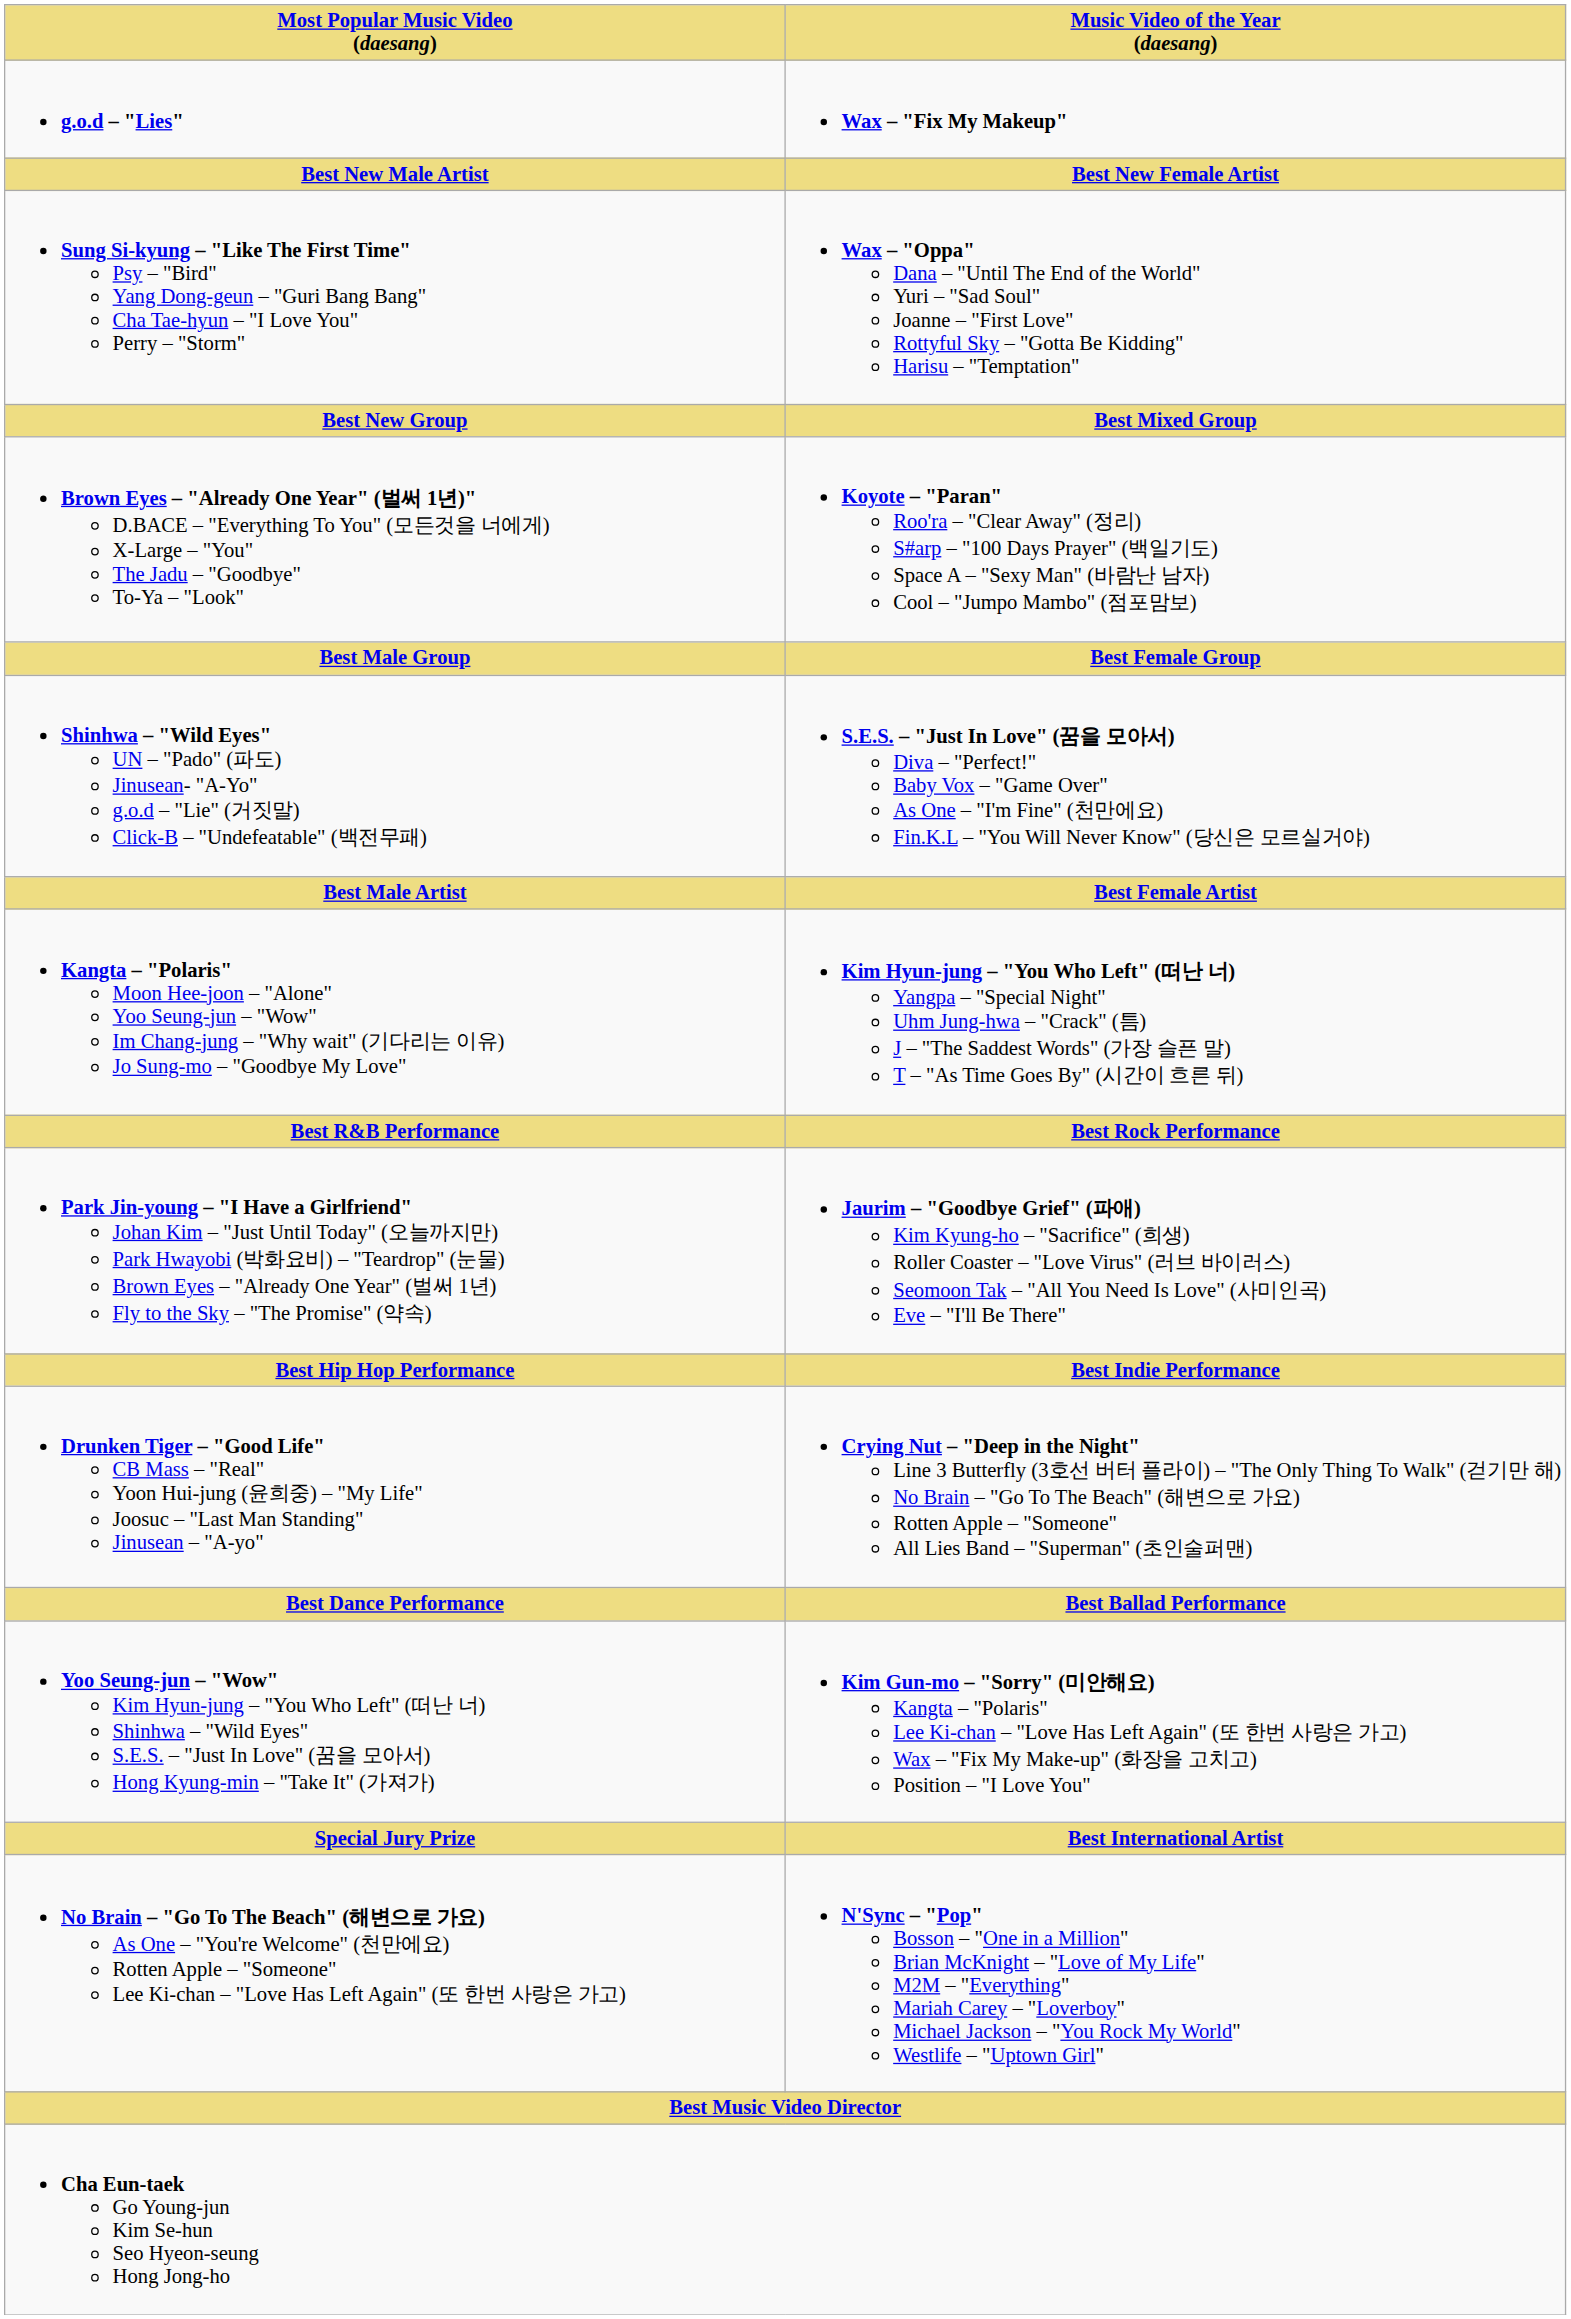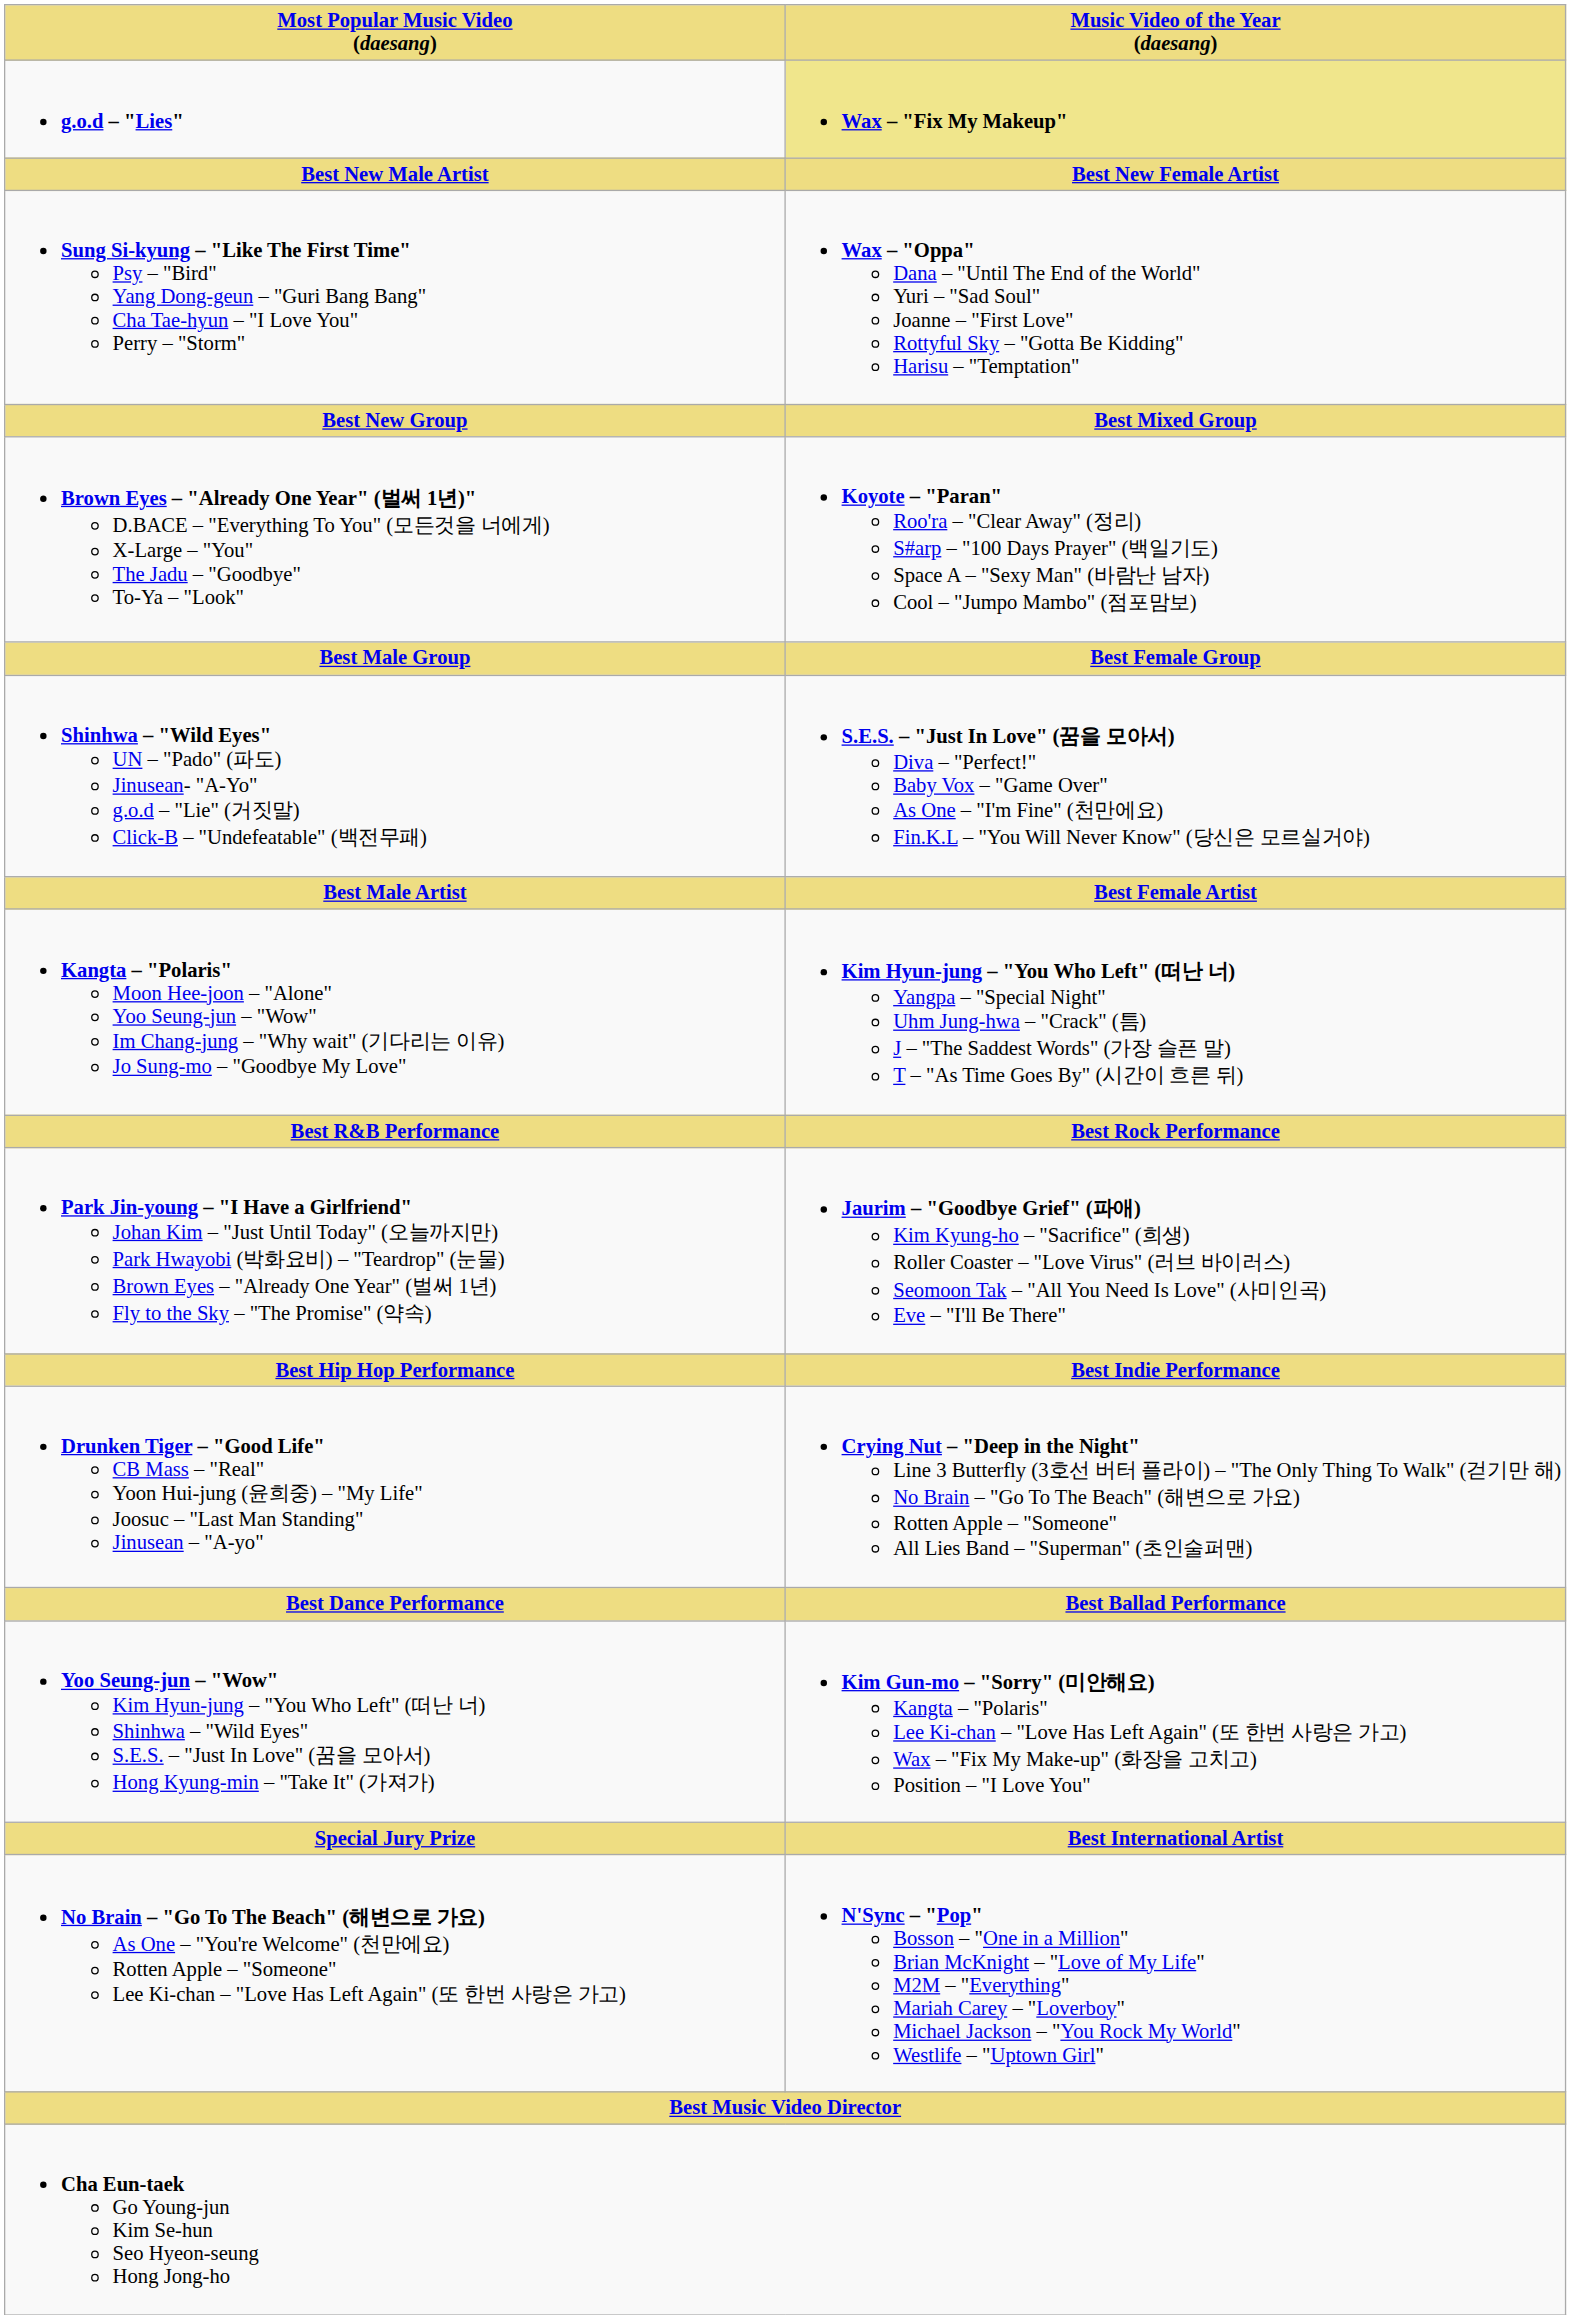 <table class="wikitable">
 <tr>
 <th style="background:#EEDD82; width:50%"><a href='#'>Most Popular Music Video</a><br>(<em>daesang</em>)</th>
 <th style="background:#EEDD82; width:50%"><a href='#'>Music Video of the Year</a><br>(<em>daesang</em>)</th>
 </tr>
 <tr>
 <td style="vertical-align:top"><br><ul><li><strong><a href='#'>g.o.d</a> – "<a href='#'>Lies</a>"</strong></li></ul></td>
-<td style="vertical-align:top"><br><ul><li><strong><a href='#'>Wax</a> – "Fix My Makeup"</strong></li></ul></td>
+<td style="background: khaki; vertical-align:top"><br><ul><li><strong><a href='#'>Wax</a> – "Fix My Makeup"</strong></li></ul></td>
 </tr>
 <tr>
 <th style="background:#EEDD82; width:50%"><a href='#'>Best New Male Artist</a></th>
 <th style="background:#EEDD82; width:50%"><a href='#'>Best New Female Artist</a></th>
 </tr>
 <tr>
 <td style="vertical-align:top"><br><ul><li><strong><a href='#'>Sung Si-kyung</a> – "Like The First Time"</strong><ul><li><a href='#'>Psy</a> – "Bird"</li><li><a href='#'>Yang Dong-geun</a> – "Guri Bang Bang"</li><li><a href='#'>Cha Tae-hyun</a> – "I Love You"</li><li>Perry – "Storm"</li></ul></li></ul></td>
 <td style="vertical-align:top"><br><ul><li><strong><a href='#'>Wax</a> – "Oppa"</strong><ul><li><a href='#'>Dana</a> – "Until The End of the World"</li><li>Yuri – "Sad Soul"</li><li>Joanne – "First Love"</li><li><a href='#'>Rottyful Sky</a> – "Gotta Be Kidding"</li><li><a href='#'>Harisu</a> – "Temptation"</li></ul></li></ul></td>
 </tr>
 <tr>
 <th style="background:#EEDD82; width:50%"><a href='#'>Best New Group</a></th>
 <th style="background:#EEDD82; width:50%"><a href='#'>Best Mixed Group</a></th>
 </tr>
 <tr>
 <td style="vertical-align:top"><br><ul><li><strong><a href='#'>Brown Eyes</a> – "Already One Year" (벌써 1년)"</strong><ul><li>D.BACE – "Everything To You" (모든것을 너에게)</li><li>X-Large – "You"</li><li><a href='#'>The Jadu</a> – "Goodbye"</li><li>To-Ya – "Look"</li></ul></li></ul></td>
 <td style="vertical-align:top"><br><ul><li><strong><a href='#'>Koyote</a> – "Paran"</strong><ul><li><a href='#'>Roo'ra</a> – "Clear Away" (정리)</li><li><a href='#'>S#arp</a> – "100 Days Prayer" (백일기도)</li><li>Space A – "Sexy Man" (바람난 남자)</li><li>Cool – "Jumpo Mambo" (점포맘보)</li></ul></li></ul></td>
 </tr>
 <tr>
 <th style="background:#EEDD82; width:50%"><a href='#'>Best Male Group</a></th>
 <th style="background:#EEDD82; width:50%"><a href='#'>Best Female Group</a></th>
 </tr>
 <tr>
 <td style="vertical-align:top"><br><ul><li><strong><a href='#'>Shinhwa</a> – "Wild Eyes"</strong><ul><li><a href='#'>UN</a> – "Pado" (파도)</li><li><a href='#'>Jinusean</a>- "A-Yo"</li><li><a href='#'>g.o.d</a> – "Lie" (거짓말)</li><li><a href='#'>Click-B</a> – "Undefeatable" (백전무패)</li></ul></li></ul></td>
 <td style="vertical-align:top"><br><ul><li><strong><a href='#'>S.E.S.</a> – "Just In Love" (꿈을 모아서)</strong><ul><li><a href='#'>Diva</a> – "Perfect!"</li><li><a href='#'>Baby Vox</a> – "Game Over"</li><li><a href='#'>As One</a> – "I'm Fine" (천만에요)</li><li><a href='#'>Fin.K.L</a> – "You Will Never Know" (당신은 모르실거야)</li></ul></li></ul></td>
 </tr>
 <tr>
 <th style="background:#EEDD82; width:50%"><a href='#'>Best Male Artist</a></th>
 <th style="background:#EEDD82; width:50%"><a href='#'>Best Female Artist</a></th>
 </tr>
 <tr>
 <td style="vertical-align:top"><br><ul><li><strong><a href='#'>Kangta</a> – "Polaris"</strong><ul><li><a href='#'>Moon Hee-joon</a> – "Alone"</li><li><a href='#'>Yoo Seung-jun</a> – "Wow"</li><li><a href='#'>Im Chang-jung</a> – "Why wait" (기다리는 이유)</li><li><a href='#'>Jo Sung-mo</a> – "Goodbye My Love"</li></ul></li></ul></td>
 <td style="vertical-align:top"><br><ul><li><strong><a href='#'>Kim Hyun-jung</a> – "You Who Left" (떠난 너)</strong><ul><li><a href='#'>Yangpa</a> – "Special Night"</li><li><a href='#'>Uhm Jung-hwa</a> – "Crack" (틈)</li><li><a href='#'>J</a> – "The Saddest Words" (가장 슬픈 말)</li><li><a href='#'>T</a> – "As Time Goes By" (시간이 흐른 뒤)</li></ul></li></ul></td>
 </tr>
 <tr>
 <th style="background:#EEDD82; width:50%"><a href='#'>Best R&B Performance</a></th>
 <th style="background:#EEDD82; width:50%"><a href='#'>Best Rock Performance</a></th>
 </tr>
 <tr>
 <td style="vertical-align:top"><br><ul><li><strong><a href='#'>Park Jin-young</a> – "I Have a Girlfriend"</strong><ul><li><a href='#'>Johan Kim</a> – "Just Until Today" (오늘까지만)</li><li><a href='#'>Park Hwayobi</a> (박화요비) – "Teardrop" (눈물)</li><li><a href='#'>Brown Eyes</a> – "Already One Year" (벌써 1년)</li><li><a href='#'>Fly to the Sky</a> – "The Promise" (약속)</li></ul></li></ul></td>
 <td style="vertical-align:top"><br><ul><li><strong><a href='#'>Jaurim</a> – "Goodbye Grief" (파애)</strong><ul><li><a href='#'>Kim Kyung-ho</a> – "Sacrifice" (희생)</li><li>Roller Coaster – "Love Virus" (러브 바이러스)</li><li><a href='#'>Seomoon Tak</a> – "All You Need Is Love" (사미인곡)</li><li><a href='#'>Eve</a> – "I'll Be There"</li></ul></li></ul></td>
 </tr>
 <tr>
 <th style="background:#EEDD82; width:50%"><a href='#'>Best Hip Hop Performance</a></th>
 <th style="background:#EEDD82; width:50%"><a href='#'>Best Indie Performance</a></th>
 </tr>
 <tr>
 <td style="vertical-align:top"><br><ul><li><strong><a href='#'>Drunken Tiger</a> – "Good Life"</strong><ul><li><a href='#'>CB Mass</a> – "Real"</li><li>Yoon Hui-jung (윤희중) – "My Life"</li><li>Joosuc – "Last Man Standing"</li><li><a href='#'>Jinusean</a> – "A-yo"</li></ul></li></ul></td>
 <td style="vertical-align:top"><br><ul><li><strong><a href='#'>Crying Nut</a> – "Deep in the Night"</strong><ul><li>Line 3 Butterfly (3호선 버터 플라이)  – "The Only Thing To Walk" (걷기만 해)</li><li><a href='#'>No Brain</a> – "Go To The Beach" (해변으로 가요)</li><li>Rotten Apple – "Someone"</li><li>All Lies Band – "Superman" (초인술퍼맨)</li></ul></li></ul></td>
 </tr>
 <tr>
 <th style="background:#EEDD82; width:50%"><a href='#'>Best Dance Performance</a></th>
 <th style="background:#EEDD82; width:50%"><a href='#'>Best Ballad Performance</a></th>
 </tr>
 <tr>
 <td style="vertical-align:top"><br><ul><li><strong><a href='#'>Yoo Seung-jun</a> – "Wow"</strong><ul><li><a href='#'>Kim Hyun-jung</a> – "You Who Left" (떠난 너)</li><li><a href='#'>Shinhwa</a> – "Wild Eyes"</li><li><a href='#'>S.E.S.</a> – "Just In Love" (꿈을 모아서)</li><li><a href='#'>Hong Kyung-min</a> – "Take It" (가져가)</li></ul></li></ul></td>
 <td style="vertical-align:top"><br><ul><li><strong><a href='#'>Kim Gun-mo</a> – "Sorry" (미안해요)</strong><ul><li><a href='#'>Kangta</a> – "Polaris"</li><li><a href='#'>Lee Ki-chan</a> – "Love Has Left Again" (또 한번 사랑은 가고)</li><li><a href='#'>Wax</a> – "Fix My Make-up" (화장을 고치고)</li><li>Position – "I Love You"</li></ul></li></ul></td>
 </tr>
 <tr>
 <th style="background:#EEDD82; width:50%"><a href='#'>Special Jury Prize</a></th>
 <th style="background:#EEDD82; width:50%"><a href='#'>Best International Artist</a></th>
 </tr>
 <tr>
 <td style="vertical-align:top"><br><ul><li><strong><a href='#'>No Brain</a> – "Go To The Beach" (해변으로 가요)</strong><ul><li><a href='#'>As One</a> – "You're Welcome" (천만에요)</li><li>Rotten Apple – "Someone"</li><li>Lee Ki-chan – "Love Has Left Again" (또 한번 사랑은 가고)</li></ul></li></ul></td>
 <td style="vertical-align:top"><br><ul><li><strong><a href='#'>N'Sync</a> – "<a href='#'>Pop</a>"</strong><ul><li><a href='#'>Bosson</a> – "<a href='#'>One in a Million</a>"</li><li><a href='#'>Brian McKnight</a> – "<a href='#'>Love of My Life</a>"</li><li><a href='#'>M2M</a> – "<a href='#'>Everything</a>"</li><li><a href='#'>Mariah Carey</a> – "<a href='#'>Loverboy</a>"</li><li><a href='#'>Michael Jackson</a> – "<a href='#'>You Rock My World</a>"</li><li><a href='#'>Westlife</a> – "<a href='#'>Uptown Girl</a>"</li></ul></li></ul></td>
 </tr>
 <tr>
 <th colspan="2" style="background:#EEDD82; width:50%"><a href='#'>Best Music Video Director</a></th>
 </tr>
 <tr>
 <td colspan="2"><br><ul><li><strong>Cha Eun-taek</strong><ul><li>Go Young-jun</li><li>Kim Se-hun</li><li>Seo Hyeon-seung</li><li>Hong Jong-ho</li></ul></li></ul></td>
 </tr>
 </table>
